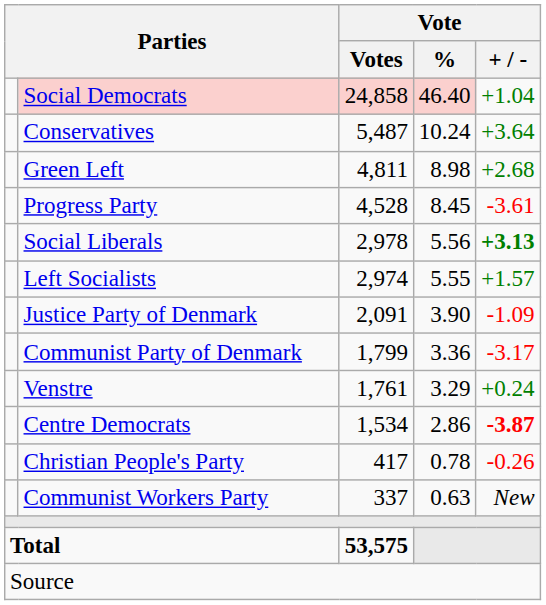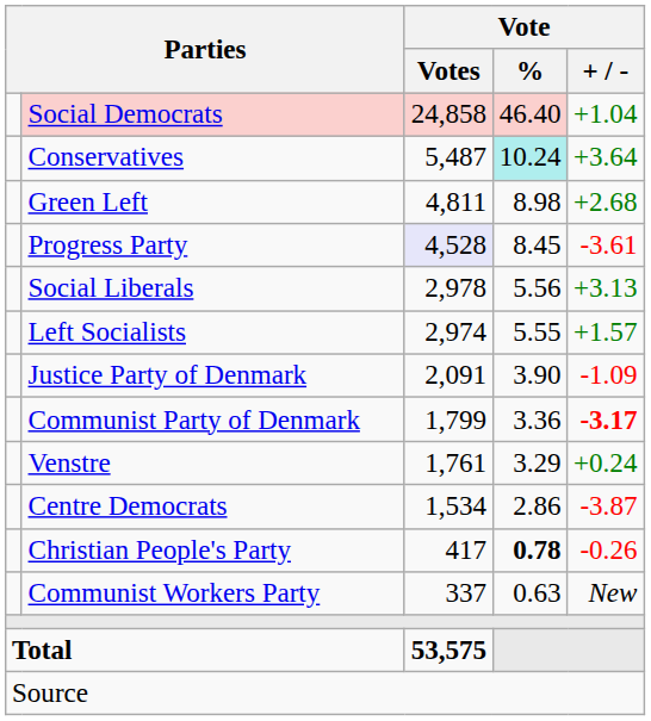 <table class="wikitable" style="text-align:right;">
 <tr>
 <th style="text-align:centre;" rowspan="2" colspan="2" width="225">Parties</th>
 <th colspan="3">Vote</th>
 </tr>
 <tr>
 <th width="15">Votes</th>
 <th width="15">%</th>
 <th width="15">+ / -</th>
 </tr>
 <tr>
 <td width="2" style="color:inherit;background:"></td>
 <td bgcolor=#fbd0ce  align="left"><a href='#'>Social Democrats</a></td>
 <td bgcolor=#fbd0ce>24,858</td>
 <td bgcolor=#fbd0ce>46.40</td>
 <td style=color:green;>+1.04</td>
 </tr>
 <tr>
 <td width="2" style="color:inherit;background:"></td>
 <td align="left"><a href='#'>Conservatives</a></td>
 <td>5,487</td>
-<td>10.24</td>
+<td style="background: paleturquoise;">10.24</td>
 <td style=color:green;>+3.64</td>
 </tr>
 <tr>
 <td width="2" style="color:inherit;background:"></td>
 <td align="left"><a href='#'>Green Left</a></td>
 <td>4,811</td>
 <td>8.98</td>
 <td style=color:green;>+2.68</td>
 </tr>
 <tr>
 <td width="2" style="color:inherit;background:"></td>
 <td align="left"><a href='#'>Progress Party</a></td>
-<td>4,528</td>
+<td style="background: lavender;">4,528</td>
 <td>8.45</td>
 <td style=color:red;>-3.61</td>
 </tr>
 <tr>
 <td width="2" style="color:inherit;background:"></td>
 <td align="left"><a href='#'>Social Liberals</a></td>
 <td>2,978</td>
 <td>5.56</td>
-<td style=color:green;><strong>+3.13</strong></td>
+<td style=color:green;>+3.13</td>
 </tr>
 <tr>
 <td width="2" style="color:inherit;background:"></td>
 <td align="left"><a href='#'>Left Socialists</a></td>
 <td>2,974</td>
 <td>5.55</td>
 <td style=color:green;>+1.57</td>
 </tr>
 <tr>
 <td width="2" style="color:inherit;background:"></td>
 <td align="left"><a href='#'>Justice Party of Denmark</a></td>
 <td>2,091</td>
 <td>3.90</td>
 <td style=color:red;>-1.09</td>
 </tr>
 <tr>
 <td width="2" style="color:inherit;background:"></td>
 <td align="left"><a href='#'>Communist Party of Denmark</a></td>
 <td>1,799</td>
 <td>3.36</td>
-<td style=color:red;>-3.17</td>
+<td style=color:red;><strong>-3.17</strong></td>
 </tr>
 <tr>
 <td width="2" style="color:inherit;background:"></td>
 <td align="left"><a href='#'>Venstre</a></td>
 <td>1,761</td>
 <td>3.29</td>
 <td style=color:green;>+0.24</td>
 </tr>
 <tr>
 <td width="2" style="color:inherit;background:"></td>
 <td align="left"><a href='#'>Centre Democrats</a></td>
 <td>1,534</td>
 <td>2.86</td>
-<td style=color:red;><strong>-3.87</strong></td>
+<td style=color:red;>-3.87</td>
 </tr>
 <tr>
 <td width="2" style="color:inherit;background:"></td>
 <td align="left"><a href='#'>Christian People's Party</a></td>
 <td>417</td>
-<td>0.78</td>
+<td><strong>0.78</strong></td>
 <td style=color:red;>-0.26</td>
 </tr>
 <tr>
 <td width="2" style="color:inherit;background:"></td>
 <td align="left"><a href='#'>Communist Workers Party</a></td>
 <td>337</td>
 <td>0.63</td>
 <td><em>New</em></td>
 </tr>
 <tr>
 <td colspan="7" bgcolor="#E9E9E9"></td>
 </tr>
 <tr>
 <td align="left" colspan="2"><strong>Total</strong></td>
 <td><strong>53,575</strong></td>
 <td bgcolor="#E9E9E9" colspan="2"></td>
 </tr>
 <tr>
 <td align="left" colspan="6">Source</td>
 </tr>
 </table>
